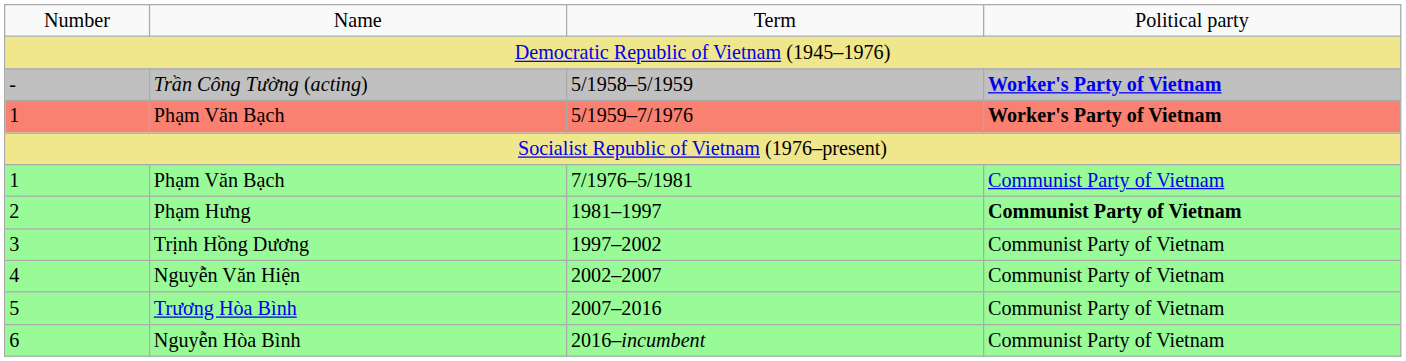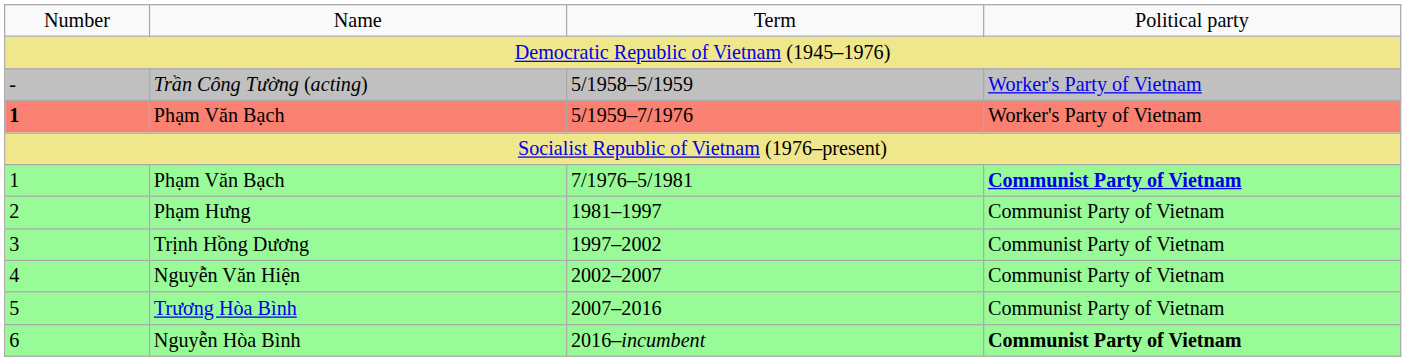 <table class="wikitable" width="70%">
 <tr>
 <td style="text-align: center;" width="5%">Number</td>
 <td style="text-align: center;" width="15%">Name</td>
 <td style="text-align: center;" width="15%">Term</td>
 <td style="text-align: center;" width="15%">Political party</td>
 </tr>
 <tr style="background:khaki;">
 <td colspan="4" style="text-align: center;"><a href='#'>Democratic Republic of Vietnam</a> (1945–1976)</td>
 </tr>
 <tr style="background:silver;">
 <td>-</td>
 <td><em>Trần Công Tường</em> (<em>acting</em>)</td>
 <td>5/1958–5/1959</td>
-<td><strong><a href='#'>Worker's Party of Vietnam</a></strong></td>
+<td><a href='#'>Worker's Party of Vietnam</a></td>
 </tr>
 <tr style="background:salmon;">
-<td>1</td>
+<td><strong>1</strong></td>
 <td>Phạm Văn Bạch</td>
 <td>5/1959–7/1976</td>
-<td><strong>Worker's Party of Vietnam</strong></td>
+<td>Worker's Party of Vietnam</td>
 </tr>
 <tr style="background:khaki;">
 <td colspan="4" style="text-align: center;"><a href='#'>Socialist Republic of Vietnam</a> (1976–present)</td>
 </tr>
 <tr style="background:palegreen;">
 <td>1</td>
 <td>Phạm Văn Bạch</td>
 <td>7/1976–5/1981</td>
-<td><a href='#'>Communist Party of Vietnam</a></td>
+<td><strong><a href='#'>Communist Party of Vietnam</a></strong></td>
 </tr>
 <tr style="background:palegreen;">
 <td>2</td>
 <td>Phạm Hưng</td>
 <td>1981–1997</td>
-<td><strong>Communist Party of Vietnam</strong></td>
+<td>Communist Party of Vietnam</td>
 </tr>
 <tr style="background:palegreen;">
 <td>3</td>
 <td>Trịnh Hồng Dương</td>
 <td>1997–2002</td>
 <td>Communist Party of Vietnam</td>
 </tr>
 <tr style="background:palegreen;">
 <td>4</td>
 <td>Nguyễn Văn Hiện</td>
 <td>2002–2007</td>
 <td>Communist Party of Vietnam</td>
 </tr>
 <tr style="background:palegreen;">
 <td>5</td>
 <td><a href='#'>Trương Hòa Bình</a></td>
 <td>2007–2016</td>
 <td>Communist Party of Vietnam</td>
 </tr>
 <tr style="background:palegreen;">
 <td>6</td>
 <td>Nguyễn Hòa Bình</td>
 <td>2016–<em>incumbent</em></td>
-<td>Communist Party of Vietnam</td>
+<td><strong>Communist Party of Vietnam</strong></td>
 </tr>
 </table>
